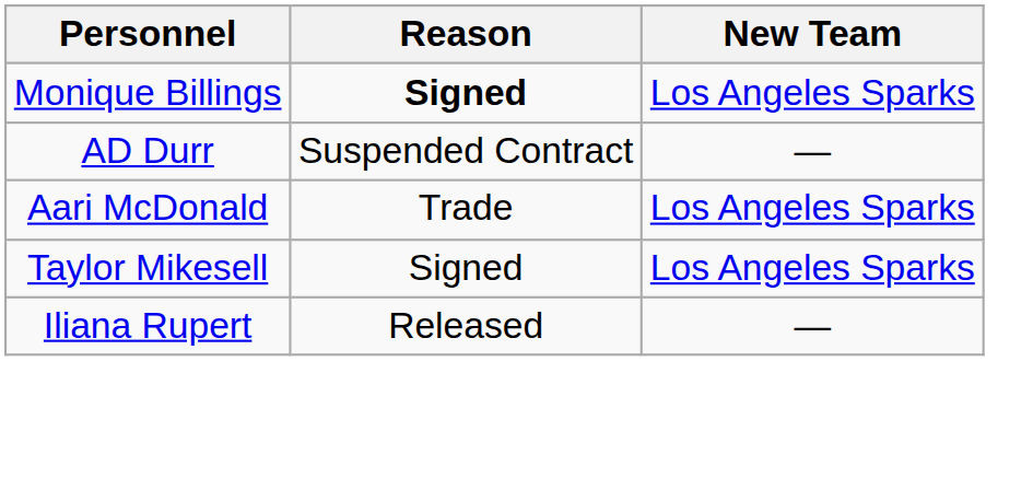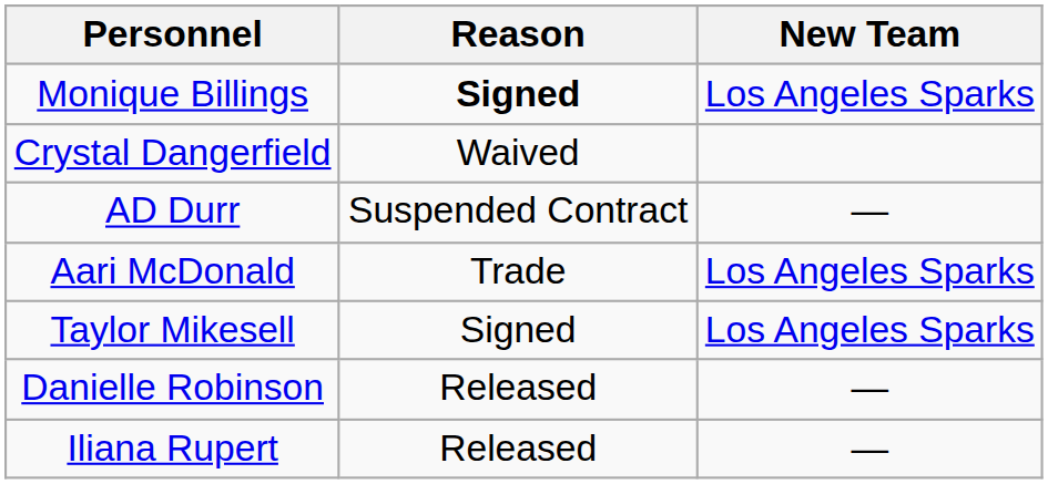 <table class="wikitable" style="text-align: center">
 <tr align="center"  bgcolor="#dddddd">
 <th><strong>Personnel</strong></th>
 <th><strong>Reason</strong></th>
 <th><strong>New Team</strong></th>
 </tr>
 <tr>
 <td><a href='#'>Monique Billings</a></td>
 <td><strong>Signed</strong></td>
 <td><a href='#'>Los Angeles Sparks</a></td>
+</tr>
+<tr>
+<td><a href='#'>Crystal Dangerfield</a></td>
+<td>Waived</td>
+<td></td>
 </tr>
 <tr>
 <td><a href='#'>AD Durr</a></td>
 <td>Suspended Contract</td>
 <td>—</td>
 </tr>
 <tr>
 <td><a href='#'>Aari McDonald</a></td>
 <td>Trade</td>
 <td><a href='#'>Los Angeles Sparks</a></td>
 </tr>
 <tr>
 <td><a href='#'>Taylor Mikesell</a></td>
 <td>Signed</td>
 <td><a href='#'>Los Angeles Sparks</a></td>
 </tr>
 <tr>
+<td><a href='#'>Danielle Robinson</a></td>
+<td>Released</td>
+<td>—</td>
+</tr>
+<tr>
 <td><a href='#'>Iliana Rupert</a></td>
 <td>Released</td>
 <td>—</td>
 </tr>
 </table>
